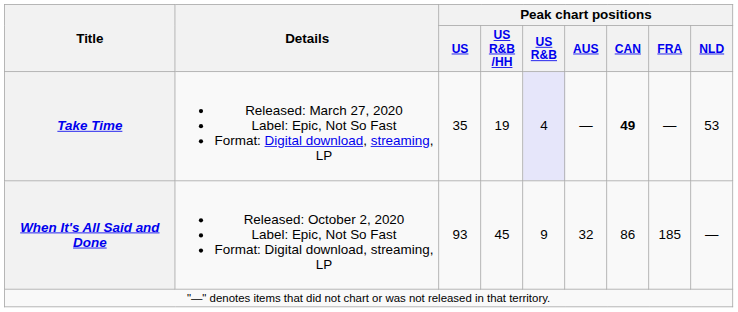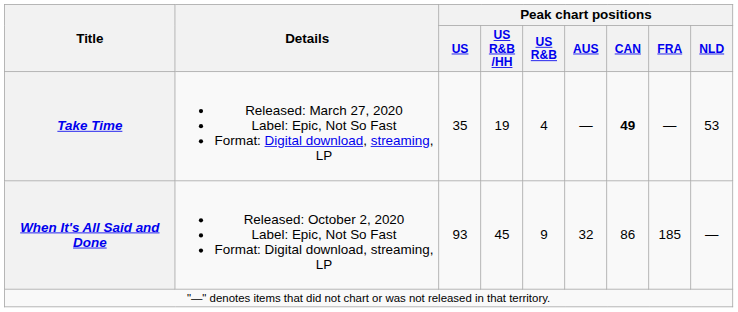 <table class="wikitable plainrowheaders" style="text-align:center;">
 <tr>
 <th scope="col" rowspan="2">Title</th>
 <th scope="col" rowspan="2">Details</th>
 <th colspan="7" scope="col">Peak chart positions</th>
 </tr>
 <tr>
 <th scope="col" style="width:3em;font-size:90%;"><a href='#'>US</a><br></th>
 <th scope="col" style="width:3em;font-size:90%;"><a href='#'>US<br>R&B<br>/HH</a><br></th>
 <th scope="col" style="width:3em;font-size:90%;"><a href='#'>US<br>R&B</a><br></th>
 <th scope="col" style="width:3em;font-size:90%;"><a href='#'>AUS</a><br></th>
 <th scope="col" style="width:3em;font-size:90%;"><a href='#'>CAN</a><br></th>
 <th scope="col" style="width:3em;font-size:90%;"><a href='#'>FRA</a><br></th>
 <th scope="col" style="width:3em;font-size:90%;"><a href='#'>NLD</a><br></th>
 </tr>
 <tr>
 <th scope="row"><em><a href='#'>Take Time</a></em></th>
 <td><br><ul><li>Released: March 27, 2020</li><li>Label: Epic, Not So Fast</li><li>Format: <a href='#'>Digital download</a>, <a href='#'>streaming</a>, LP</li></ul></td>
 <td>35</td>
 <td>19</td>
-<td style="background: lavender;">4</td>
+<td>4</td>
 <td>—</td>
 <td><strong>49</strong></td>
 <td>—</td>
 <td>53</td>
 </tr>
 <tr>
 <th scope="row"><em><a href='#'>When It's All Said and Done</a></em></th>
 <td><br><ul><li>Released: October 2, 2020</li><li>Label: Epic, Not So Fast</li><li>Format: Digital download, streaming, LP</li></ul></td>
 <td>93</td>
 <td>45</td>
 <td>9</td>
 <td>32</td>
 <td>86</td>
 <td>185</td>
 <td>—</td>
 </tr>
 <tr>
 <td colspan="12" style="font-size:85%;">"—" denotes items that did not chart or was not released in that territory.</td>
 </tr>
 </table>
